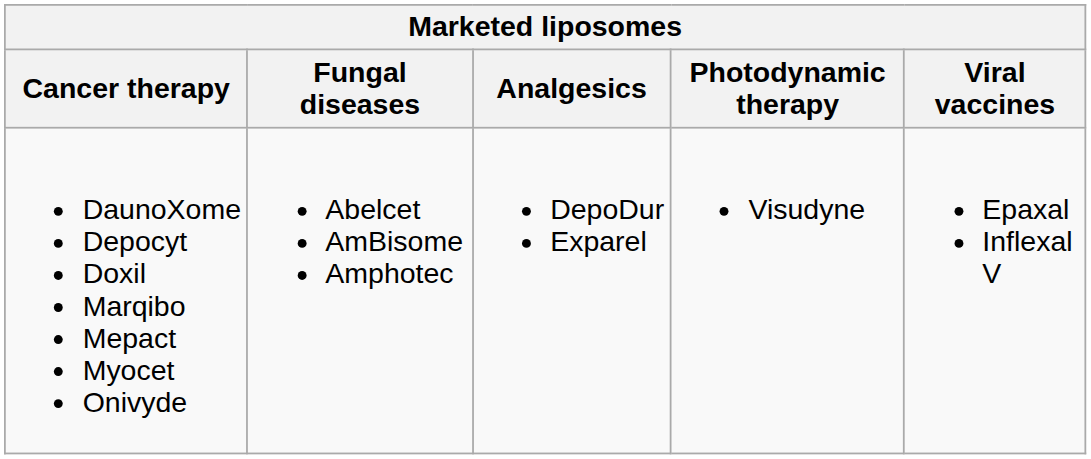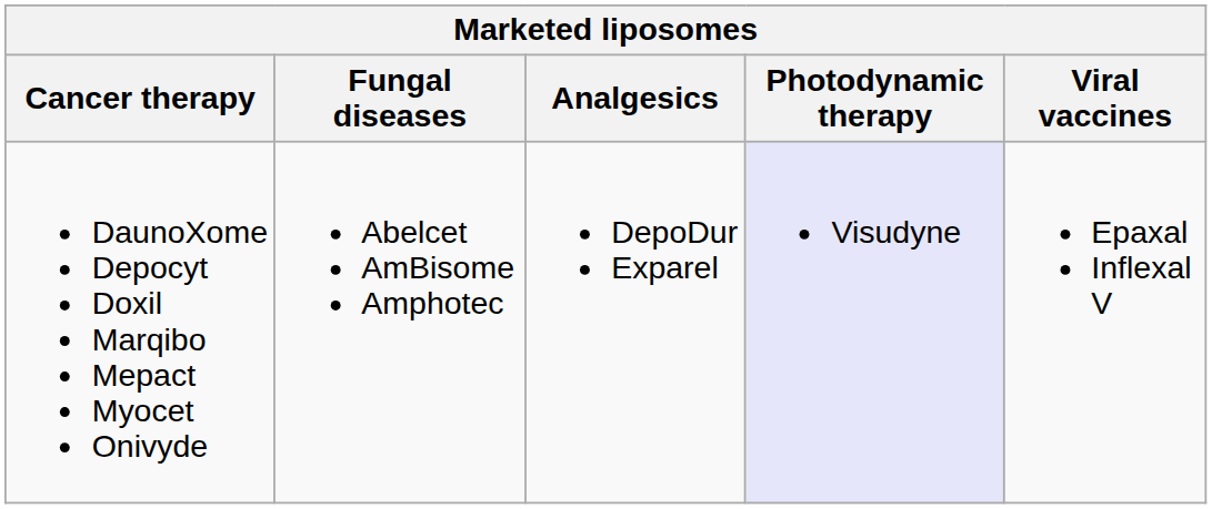 <table class="wikitable mw-collapsible">
 <tr>
 <th colspan="5">Marketed liposomes</th>
 </tr>
 <tr>
 <th><strong>Cancer therapy</strong></th>
 <th><strong>Fungal diseases</strong></th>
 <th><strong>Analgesics</strong></th>
 <th><strong>Photodynamic</strong> <strong>therapy</strong></th>
 <th><strong>Viral vaccines</strong></th>
 </tr>
 <tr style="vertical-align:top">
 <td><br><ul><li>DaunoXome</li><li>Depocyt</li><li>Doxil</li><li>Marqibo</li><li>Mepact</li><li>Myocet</li><li>Onivyde</li></ul></td>
 <td><br><ul><li>Abelcet</li><li>AmBisome</li><li>Amphotec</li></ul></td>
 <td><br><ul><li>DepoDur</li><li>Exparel</li></ul></td>
-<td><br><ul><li>Visudyne</li></ul></td>
+<td style="background: lavender;"><br><ul><li>Visudyne</li></ul></td>
 <td><br><ul><li>Epaxal</li><li>Inflexal V</li></ul></td>
 </tr>
 </table>
